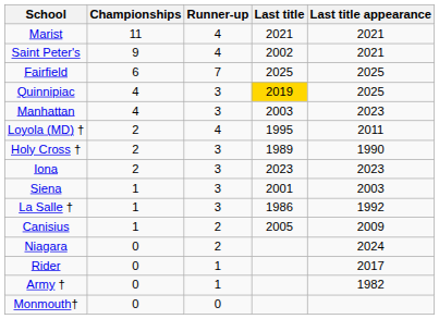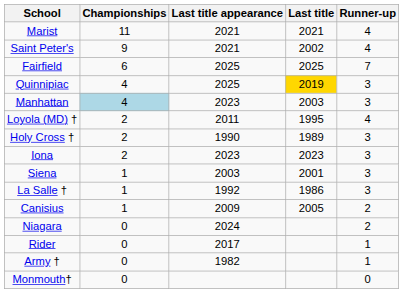 <table class="wikitable sortable" style="text-align:center">
 <tr>
 <th width=px>School</th>
 <th width=px>Championships</th>
+<th width=px>Last title appearance</th>
+<th width=px>Last title</th>
 <th width=px>Runner-up</th>
-<th width=px>Last title</th>
-<th width=px>Last title appearance</th>
 </tr>
 <tr>
 <td><a href='#'>Marist</a></td>
 <td>11</td>
-<td>4</td>
 <td>2021</td>
 <td>2021</td>
+<td>4</td>
 </tr>
 <tr>
 <td><a href='#'>Saint Peter's</a></td>
 <td>9</td>
+<td>2021</td>
+<td>2002</td>
 <td>4</td>
-<td>2002</td>
-<td>2021</td>
 </tr>
 <tr>
 <td><a href='#'>Fairfield</a></td>
 <td>6</td>
-<td>7</td>
 <td>2025</td>
 <td>2025</td>
+<td>7</td>
 </tr>
 <tr>
 <td><a href='#'>Quinnipiac</a></td>
 <td>4</td>
+<td>2025</td>
+<td style="background: gold;">2019</td>
 <td>3</td>
-<td style="background: gold;">2019</td>
-<td>2025</td>
 </tr>
 <tr>
 <td><a href='#'>Manhattan</a></td>
-<td>4</td>
+<td style="background: lightblue;">4</td>
+<td>2023</td>
+<td>2003</td>
 <td>3</td>
-<td>2003</td>
-<td>2023</td>
 </tr>
 <tr>
 <td><a href='#'>Loyola (MD)</a> †</td>
 <td>2</td>
+<td>2011</td>
+<td>1995</td>
 <td>4</td>
-<td>1995</td>
-<td>2011</td>
 </tr>
 <tr>
 <td><a href='#'>Holy Cross</a> †</td>
 <td>2</td>
+<td>1990</td>
+<td>1989</td>
 <td>3</td>
-<td>1989</td>
-<td>1990</td>
 </tr>
 <tr>
 <td><a href='#'>Iona</a></td>
 <td>2</td>
-<td>3</td>
 <td>2023</td>
 <td>2023</td>
+<td>3</td>
 </tr>
 <tr>
 <td><a href='#'>Siena</a></td>
 <td>1</td>
+<td>2003</td>
+<td>2001</td>
 <td>3</td>
-<td>2001</td>
-<td>2003</td>
 </tr>
 <tr>
 <td><a href='#'>La Salle</a> †</td>
 <td>1</td>
+<td>1992</td>
+<td>1986</td>
 <td>3</td>
-<td>1986</td>
-<td>1992</td>
 </tr>
 <tr>
 <td><a href='#'>Canisius</a></td>
 <td>1</td>
+<td>2009</td>
+<td>2005</td>
 <td>2</td>
-<td>2005</td>
-<td>2009</td>
 </tr>
 <tr>
 <td><a href='#'>Niagara</a></td>
 <td>0</td>
+<td>2024</td>
+<td></td>
 <td>2</td>
-<td></td>
-<td>2024</td>
 </tr>
 <tr>
 <td><a href='#'>Rider</a></td>
 <td>0</td>
+<td>2017</td>
+<td></td>
 <td>1</td>
-<td></td>
-<td>2017</td>
 </tr>
 <tr>
 <td><a href='#'>Army</a> †</td>
 <td>0</td>
+<td>1982</td>
+<td></td>
 <td>1</td>
-<td></td>
-<td>1982</td>
 </tr>
 <tr>
 <td><a href='#'>Monmouth</a>†</td>
 <td>0</td>
-<td>0</td>
 <td></td>
 <td></td>
+<td>0</td>
 </tr>
 </table>
